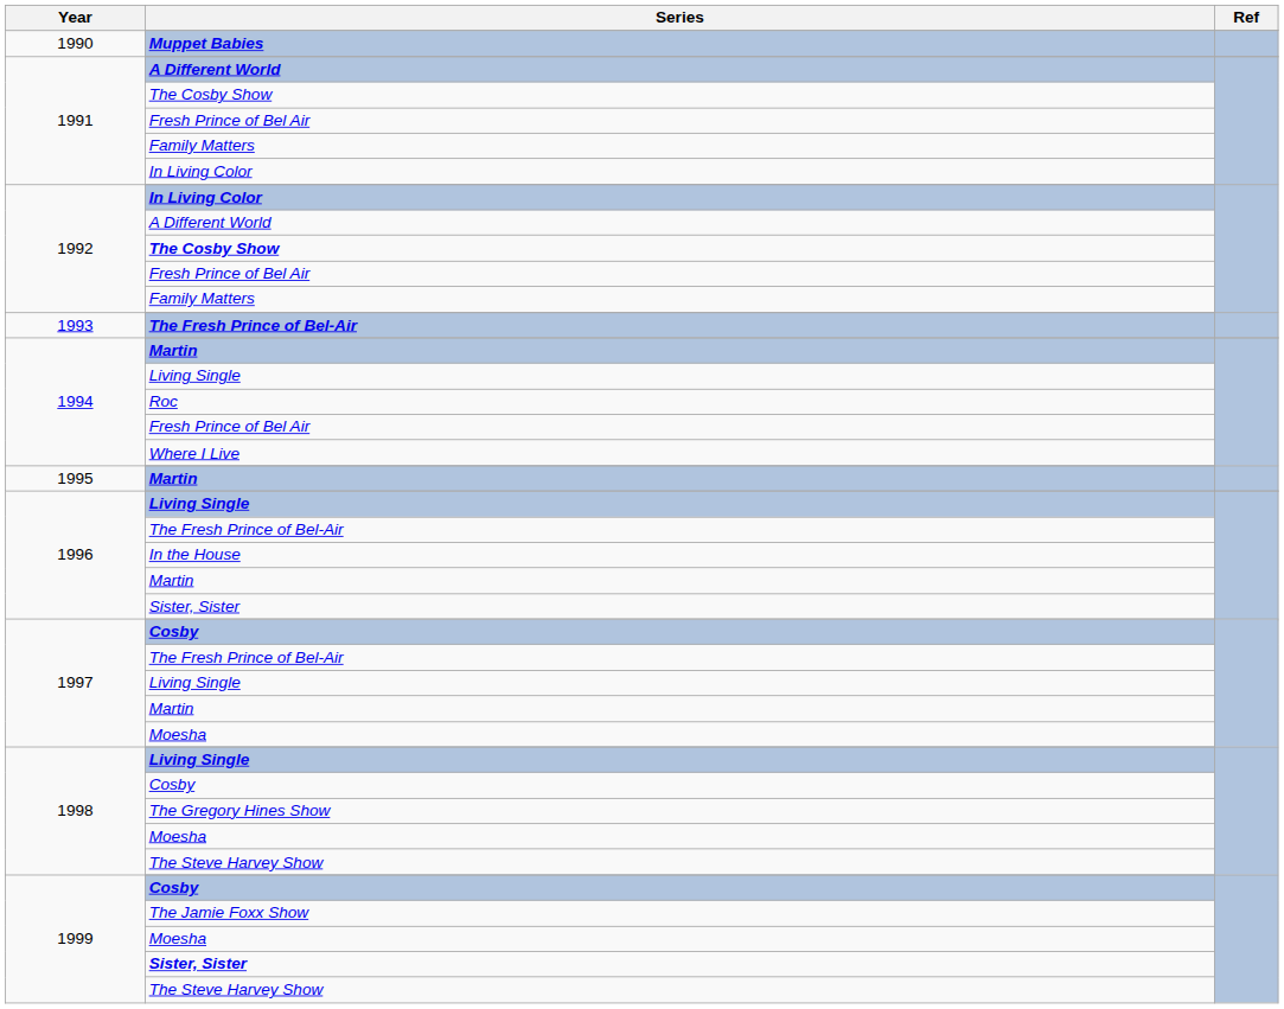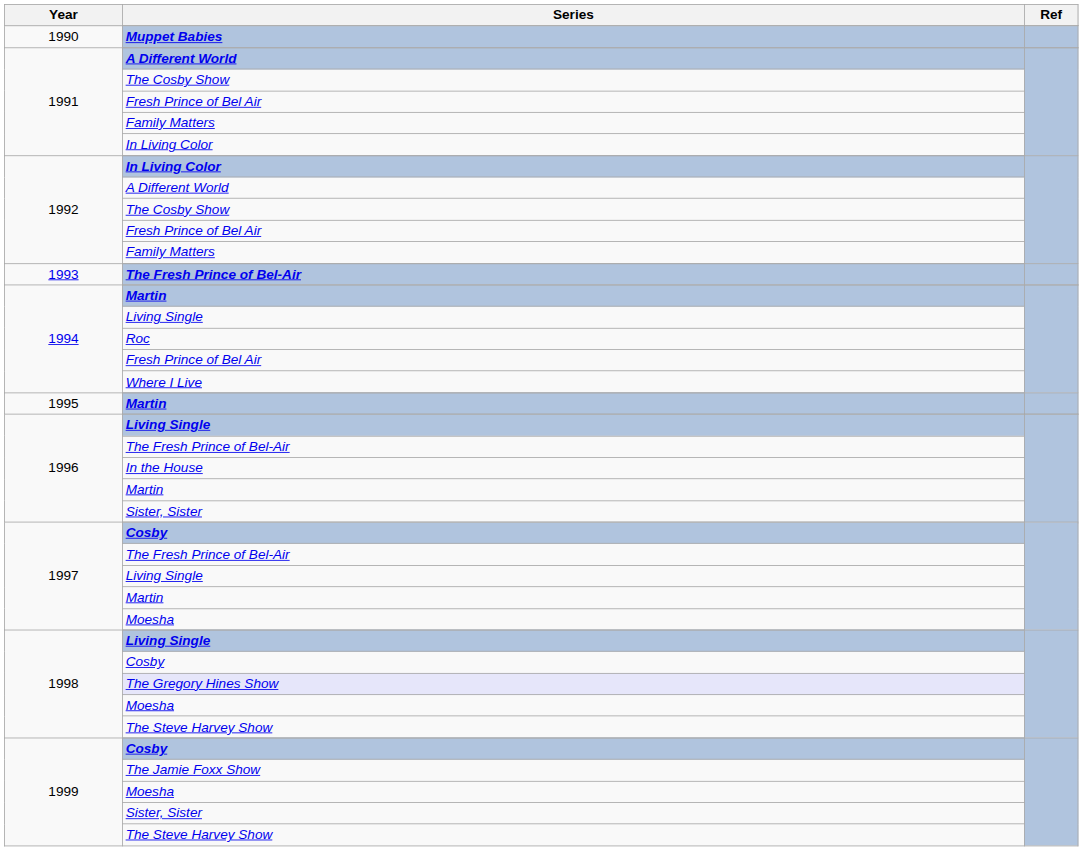 <table class="wikitable" style="width:100%;">
 <tr style="background:#bebebe;">
 <th style="width:11%;">Year</th>
 <th style="width:84%;">Series</th>
 <th style="width:5%;">Ref</th>
 </tr>
 <tr>
 <td rowspan="2" align="center">1990</td>
 </tr>
 <tr style="background:#B0C4DE">
 <td><strong><em><a href='#'>Muppet Babies</a></em></strong></td>
 <td align="center"></td>
 </tr>
 <tr>
 <td rowspan="6" align="center">1991</td>
 </tr>
 <tr style="background:#B0C4DE">
 <td><strong><em><a href='#'>A Different World</a></em></strong></td>
 <td rowspan="6" align="center"></td>
 </tr>
 <tr>
 <td><em><a href='#'>The Cosby Show</a></em></td>
 </tr>
 <tr>
 <td><em><a href='#'>Fresh Prince of Bel Air</a></em></td>
 </tr>
 <tr>
 <td><em><a href='#'>Family Matters</a></em></td>
 </tr>
 <tr>
 <td><em><a href='#'>In Living Color</a></em></td>
 </tr>
 <tr>
 <td rowspan="6" align="center">1992</td>
 </tr>
 <tr style="background:#B0C4DE">
 <td><strong><em><a href='#'>In Living Color</a></em></strong></td>
 <td rowspan="6" align="center"></td>
 </tr>
 <tr>
 <td><em><a href='#'>A Different World</a></em></td>
 </tr>
 <tr>
-<td><strong><em><a href='#'>The Cosby Show</a></em></strong></td>
+<td><em><a href='#'>The Cosby Show</a></em></td>
 </tr>
 <tr>
 <td><em><a href='#'>Fresh Prince of Bel Air</a></em></td>
 </tr>
 <tr>
 <td><em><a href='#'>Family Matters</a></em></td>
 </tr>
 <tr>
 <td rowspan="2" align="center"><a href='#'>1993</a></td>
 </tr>
 <tr style="background:#B0C4DE">
 <td><strong><em><a href='#'>The Fresh Prince of Bel-Air</a></em></strong></td>
 <td align="center"></td>
 </tr>
 <tr>
 <td rowspan="6" align="center"><a href='#'>1994</a></td>
 </tr>
 <tr style="background:#B0C4DE">
 <td><strong><em><a href='#'>Martin</a></em></strong></td>
 <td rowspan="6" align="center"></td>
 </tr>
 <tr>
 <td><em><a href='#'>Living Single</a></em></td>
 </tr>
 <tr>
 <td><em><a href='#'>Roc</a></em></td>
 </tr>
 <tr>
 <td><em><a href='#'>Fresh Prince of Bel Air</a></em></td>
 </tr>
 <tr>
 <td><em><a href='#'>Where I Live</a></em></td>
 </tr>
 <tr>
 <td rowspan="2" align="center">1995</td>
 </tr>
 <tr style="background:#B0C4DE">
 <td><strong><em><a href='#'>Martin</a></em></strong></td>
 <td align="center"></td>
 </tr>
 <tr>
 <td rowspan="6" align="center">1996</td>
 </tr>
 <tr style="background:#B0C4DE">
 <td><strong><em><a href='#'>Living Single</a></em></strong></td>
 <td rowspan="6" align="center"></td>
 </tr>
 <tr>
 <td><em><a href='#'>The Fresh Prince of Bel-Air</a></em></td>
 </tr>
 <tr>
 <td><em><a href='#'>In the House</a></em></td>
 </tr>
 <tr>
 <td><em><a href='#'>Martin</a></em></td>
 </tr>
 <tr>
 <td><em><a href='#'>Sister, Sister</a></em></td>
 </tr>
 <tr>
 <td rowspan="6" align="center">1997</td>
 </tr>
 <tr style="background:#B0C4DE">
 <td><strong><em><a href='#'>Cosby</a></em></strong></td>
 <td rowspan="6" align="center"></td>
 </tr>
 <tr>
 <td><em><a href='#'>The Fresh Prince of Bel-Air</a></em></td>
 </tr>
 <tr>
 <td><em><a href='#'>Living Single</a></em></td>
 </tr>
 <tr>
 <td><em><a href='#'>Martin</a></em></td>
 </tr>
 <tr>
 <td><em><a href='#'>Moesha</a></em></td>
 </tr>
 <tr>
 <td rowspan="6" align="center">1998</td>
 </tr>
 <tr style="background:#B0C4DE">
 <td><strong><em><a href='#'>Living Single</a></em></strong></td>
 <td rowspan="6" align="center"></td>
 </tr>
 <tr>
 <td><em><a href='#'>Cosby</a></em></td>
 </tr>
 <tr>
-<td><em><a href='#'>The Gregory Hines Show</a></em></td>
+<td style="background: lavender;"><em><a href='#'>The Gregory Hines Show</a></em></td>
 </tr>
 <tr>
 <td><em><a href='#'>Moesha</a></em></td>
 </tr>
 <tr>
 <td><em><a href='#'>The Steve Harvey Show</a></em></td>
 </tr>
 <tr>
 <td rowspan="6" align="center">1999</td>
 </tr>
 <tr style="background:#B0C4DE">
 <td><strong><em><a href='#'>Cosby</a></em></strong></td>
 <td rowspan="6" align="center"></td>
 </tr>
 <tr>
 <td><em><a href='#'>The Jamie Foxx Show</a></em></td>
 </tr>
 <tr>
 <td><em><a href='#'>Moesha</a></em></td>
 </tr>
 <tr>
-<td><strong><em><a href='#'>Sister, Sister</a></em></strong></td>
+<td><em><a href='#'>Sister, Sister</a></em></td>
 </tr>
 <tr>
 <td><em><a href='#'>The Steve Harvey Show</a></em></td>
 </tr>
 </table>
